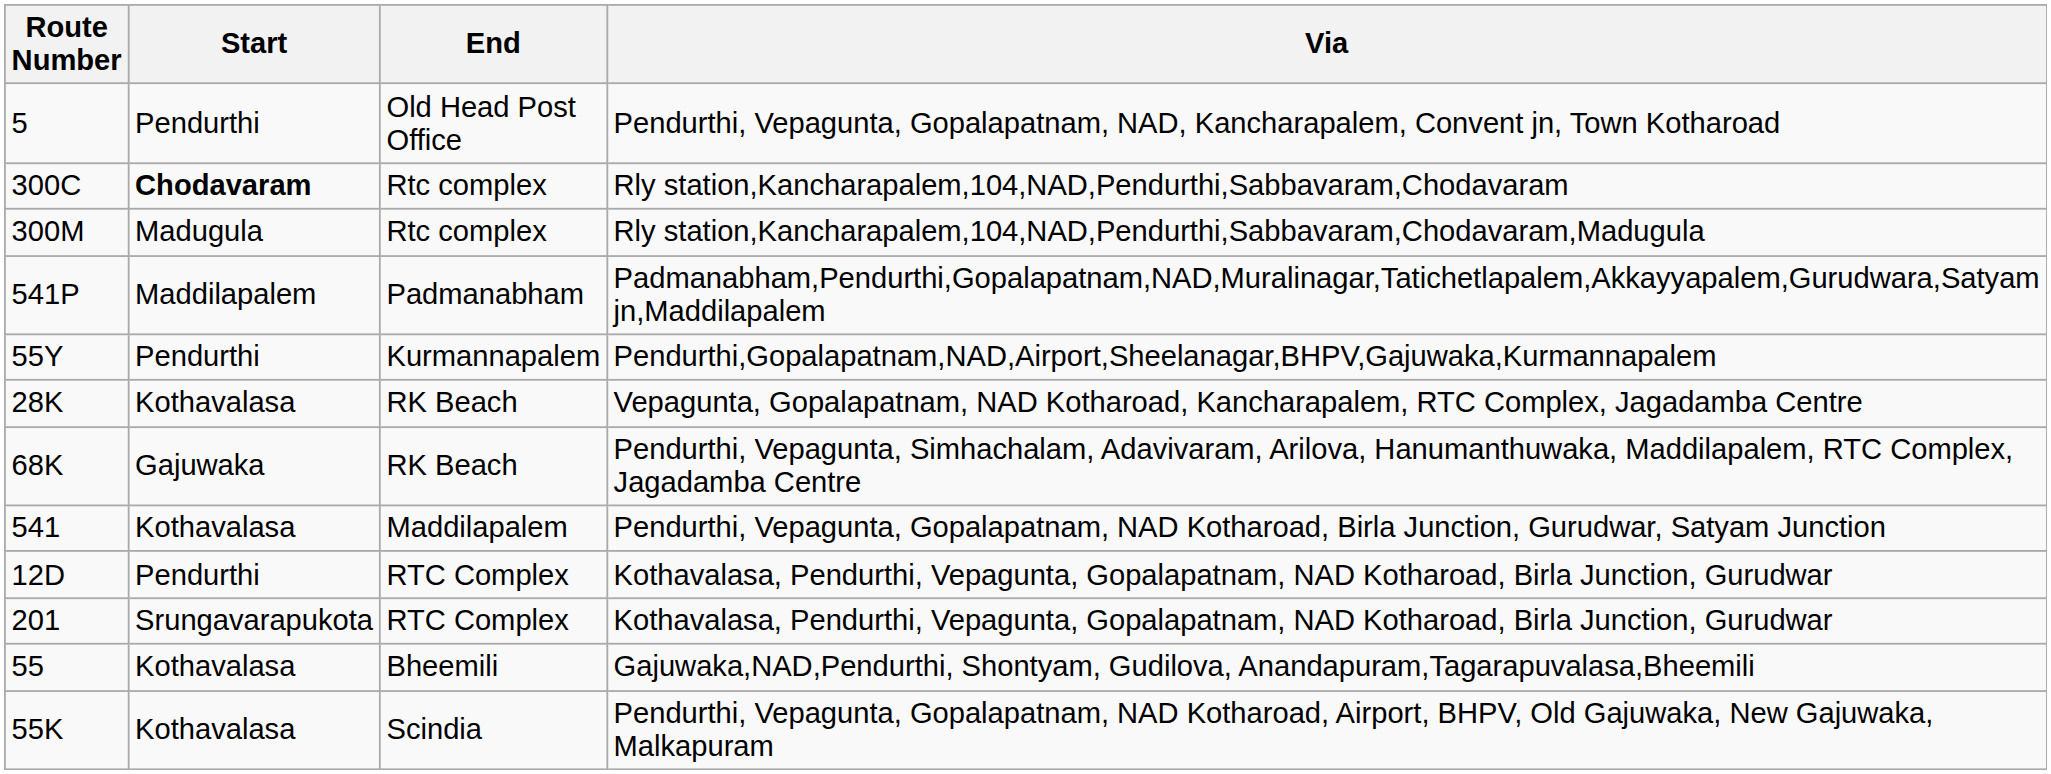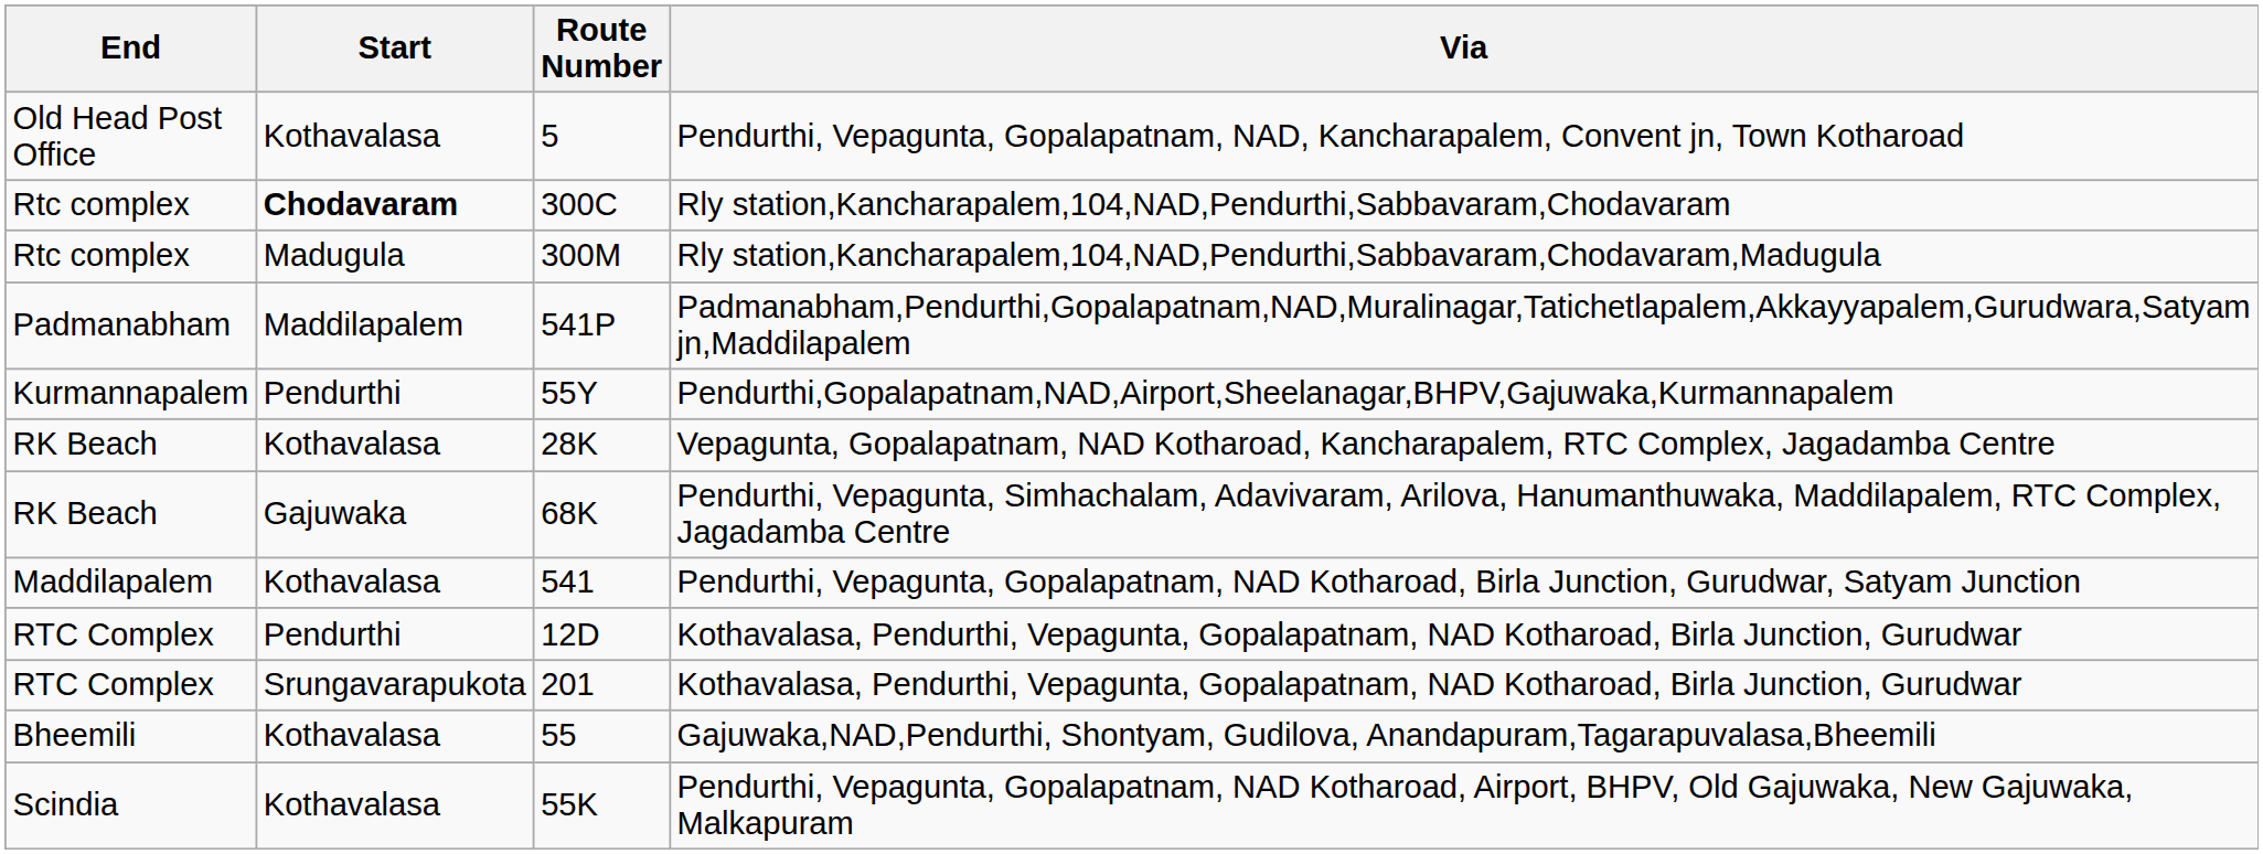 <table class="sortable wikitable">
 <tr>
+<th>End</th>
+<th>Start</th>
 <th>Route Number</th>
-<th>Start</th>
-<th>End</th>
 <th>Via</th>
 </tr>
 <tr>
+<td>Old Head Post Office</td>
+<td>Kothavalasa</td>
 <td>5</td>
-<td>Pendurthi</td>
-<td>Old Head Post Office</td>
 <td>Pendurthi, Vepagunta, Gopalapatnam, NAD, Kancharapalem, Convent jn, Town Kotharoad</td>
 </tr>
 <tr>
+<td>Rtc complex</td>
+<td><strong>Chodavaram</strong></td>
 <td>300C</td>
-<td><strong>Chodavaram</strong></td>
-<td>Rtc complex</td>
 <td>Rly station,Kancharapalem,104,NAD,Pendurthi,Sabbavaram,Chodavaram</td>
 </tr>
 <tr>
+<td>Rtc complex</td>
+<td>Madugula</td>
 <td>300M</td>
-<td>Madugula</td>
-<td>Rtc complex</td>
 <td>Rly station,Kancharapalem,104,NAD,Pendurthi,Sabbavaram,Chodavaram,Madugula</td>
 </tr>
 <tr>
+<td>Padmanabham</td>
+<td>Maddilapalem</td>
 <td>541P</td>
-<td>Maddilapalem</td>
-<td>Padmanabham</td>
 <td>Padmanabham,Pendurthi,Gopalapatnam,NAD,Muralinagar,Tatichetlapalem,Akkayyapalem,Gurudwara,Satyam jn,Maddilapalem</td>
 </tr>
 <tr>
+<td>Kurmannapalem</td>
+<td>Pendurthi</td>
 <td>55Y</td>
-<td>Pendurthi</td>
-<td>Kurmannapalem</td>
 <td>Pendurthi,Gopalapatnam,NAD,Airport,Sheelanagar,BHPV,Gajuwaka,Kurmannapalem</td>
 </tr>
 <tr>
+<td>RK Beach</td>
+<td>Kothavalasa</td>
 <td>28K</td>
-<td>Kothavalasa</td>
-<td>RK Beach</td>
 <td>Vepagunta, Gopalapatnam, NAD Kotharoad, Kancharapalem, RTC Complex, Jagadamba Centre</td>
 </tr>
 <tr>
+<td>RK Beach</td>
+<td>Gajuwaka</td>
 <td>68K</td>
-<td>Gajuwaka</td>
-<td>RK Beach</td>
 <td>Pendurthi, Vepagunta, Simhachalam, Adavivaram, Arilova, Hanumanthuwaka, Maddilapalem, RTC Complex, Jagadamba Centre</td>
 </tr>
 <tr>
+<td>Maddilapalem</td>
+<td>Kothavalasa</td>
 <td>541</td>
-<td>Kothavalasa</td>
-<td>Maddilapalem</td>
 <td>Pendurthi, Vepagunta, Gopalapatnam, NAD Kotharoad, Birla Junction, Gurudwar, Satyam Junction</td>
 </tr>
 <tr>
+<td>RTC Complex</td>
+<td>Pendurthi</td>
 <td>12D</td>
-<td>Pendurthi</td>
-<td>RTC Complex</td>
 <td>Kothavalasa, Pendurthi, Vepagunta, Gopalapatnam, NAD Kotharoad, Birla Junction, Gurudwar</td>
 </tr>
 <tr>
+<td>RTC Complex</td>
+<td>Srungavarapukota</td>
 <td>201</td>
-<td>Srungavarapukota</td>
-<td>RTC Complex</td>
 <td>Kothavalasa, Pendurthi, Vepagunta, Gopalapatnam, NAD Kotharoad, Birla Junction, Gurudwar</td>
 </tr>
 <tr>
+<td>Bheemili</td>
+<td>Kothavalasa</td>
 <td>55</td>
-<td>Kothavalasa</td>
-<td>Bheemili</td>
 <td>Gajuwaka,NAD,Pendurthi, Shontyam, Gudilova, Anandapuram,Tagarapuvalasa,Bheemili</td>
 </tr>
 <tr>
+<td>Scindia</td>
+<td>Kothavalasa</td>
 <td>55K</td>
-<td>Kothavalasa</td>
-<td>Scindia</td>
 <td>Pendurthi, Vepagunta, Gopalapatnam, NAD Kotharoad, Airport, BHPV, Old Gajuwaka, New Gajuwaka, Malkapuram</td>
 </tr>
 </table>
